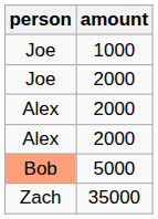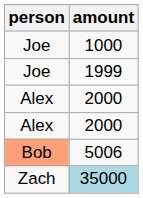 <table class="wikitable" style="text-align:center">
 <tr>
 <th>person</th>
 <th>amount</th>
 </tr>
 <tr>
 <td>Joe</td>
 <td>1000</td>
 </tr>
 <tr>
 <td>Joe</td>
-<td>2000</td>
+<td>1999</td>
 </tr>
 <tr>
 <td>Alex</td>
 <td>2000</td>
 </tr>
 <tr>
 <td>Alex</td>
 <td>2000</td>
 </tr>
 <tr>
 <td style="background: lightsalmon;">Bob</td>
-<td>5000</td>
+<td>5006</td>
 </tr>
 <tr>
 <td>Zach</td>
-<td>35000</td>
+<td style="background: lightblue;">35000</td>
 </tr>
 </table>
